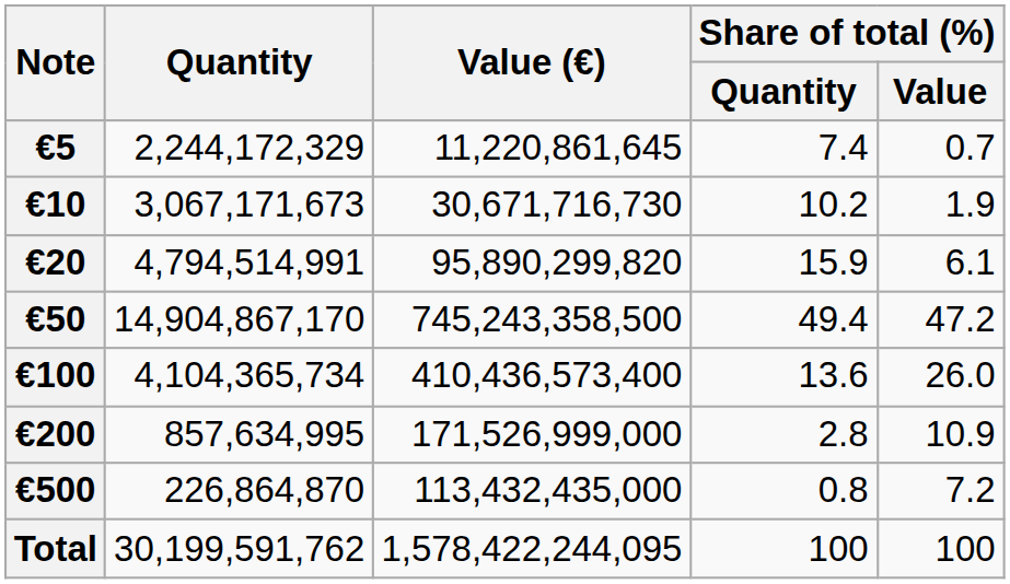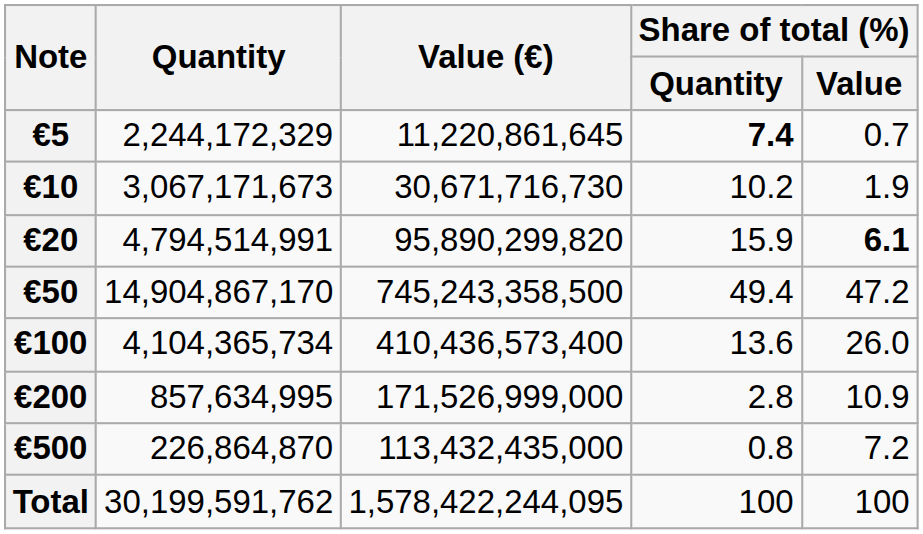 <table class="wikitable sortable" style="text-align: right">
 <tr>
 <th rowspan="2">Note</th>
 <th rowspan="2">Quantity</th>
 <th rowspan="2">Value (€)</th>
 <th colspan="2">Share of total (%)</th>
 </tr>
 <tr>
 <th>Quantity</th>
 <th>Value</th>
 </tr>
 <tr>
 <th>€5</th>
 <td>2,244,172,329</td>
 <td>11,220,861,645</td>
-<td>7.4</td>
+<td><strong>7.4</strong></td>
 <td>0.7</td>
 </tr>
 <tr>
 <th>€10</th>
 <td>3,067,171,673</td>
 <td>30,671,716,730</td>
 <td>10.2</td>
 <td>1.9</td>
 </tr>
 <tr>
 <th>€20</th>
 <td>4,794,514,991</td>
 <td>95,890,299,820</td>
 <td>15.9</td>
-<td>6.1</td>
+<td><strong>6.1</strong></td>
 </tr>
 <tr>
 <th>€50</th>
 <td>14,904,867,170</td>
 <td>745,243,358,500</td>
 <td>49.4</td>
 <td>47.2</td>
 </tr>
 <tr>
 <th>€100</th>
 <td>4,104,365,734</td>
 <td>410,436,573,400</td>
 <td>13.6</td>
 <td>26.0</td>
 </tr>
 <tr>
 <th>€200</th>
 <td>857,634,995</td>
 <td>171,526,999,000</td>
 <td>2.8</td>
 <td>10.9</td>
 </tr>
 <tr>
 <th>€500</th>
 <td>226,864,870</td>
 <td>113,432,435,000</td>
 <td>0.8</td>
 <td>7.2</td>
 </tr>
 <tr>
 <th>Total</th>
 <td>30,199,591,762</td>
 <td>1,578,422,244,095</td>
 <td>100</td>
 <td>100</td>
 </tr>
 </table>
